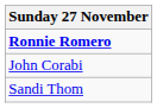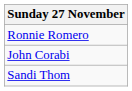 <table class="wikitable">
 <tr>
 <th>Sunday 27 November</th>
 </tr>
 <tr>
-<td><strong><a href='#'>Ronnie Romero</a></strong></td>
+<td><a href='#'>Ronnie Romero</a></td>
 </tr>
 <tr>
 <td><a href='#'>John Corabi</a></td>
 </tr>
 <tr>
 <td><a href='#'>Sandi Thom</a></td>
 </tr>
 </table>
